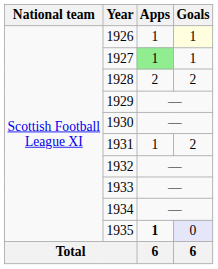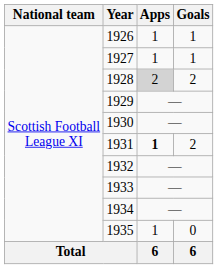 <table class="wikitable" style="font-size:100%; text-align: center">
 <tr>
 <th>National team</th>
 <th>Year</th>
 <th>Apps</th>
 <th>Goals</th>
 </tr>
 <tr>
 <td rowspan="10"><a href='#'>Scottish Football<br>League XI</a></td>
 <td>1926</td>
 <td>1</td>
-<td style="background: lightyellow;">1</td>
+<td>1</td>
 </tr>
 <tr>
 <td>1927</td>
-<td style="background: lightgreen;">1</td>
+<td>1</td>
 <td>1</td>
 </tr>
 <tr>
 <td>1928</td>
-<td>2</td>
+<td style="background: lightgrey;">2</td>
 <td>2</td>
 </tr>
 <tr>
 <td>1929</td>
 <td colspan=2>—</td>
 </tr>
 <tr>
 <td>1930</td>
 <td colspan=2>—</td>
 </tr>
 <tr>
 <td>1931</td>
-<td>1</td>
+<td><strong>1</strong></td>
 <td>2</td>
 </tr>
 <tr>
 <td>1932</td>
 <td colspan=2>—</td>
 </tr>
 <tr>
 <td>1933</td>
 <td colspan=2>—</td>
 </tr>
 <tr>
 <td>1934</td>
 <td colspan=2>—</td>
 </tr>
 <tr>
 <td>1935</td>
-<td><strong>1</strong></td>
-<td style="background: lavender;">0</td>
+<td>1</td>
+<td>0</td>
 </tr>
 <tr>
 <th colspan=2>Total</th>
 <th>6</th>
 <th>6</th>
 </tr>
 </table>
